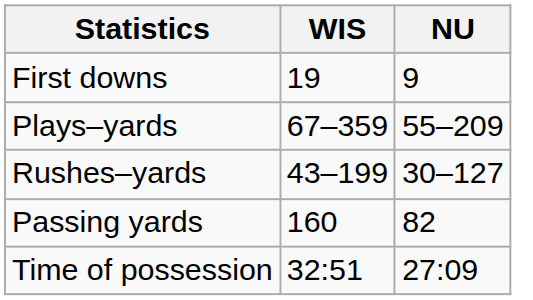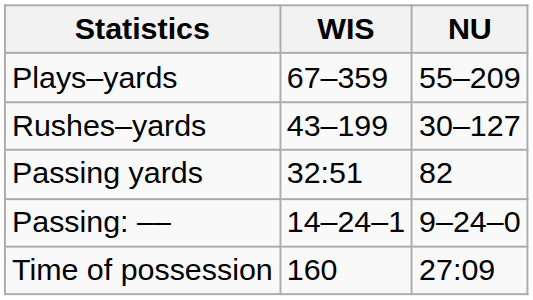 <table class="wikitable" style="float:left">
 <tr>
 <th>Statistics</th>
 <th>WIS</th>
 <th>NU</th>
-</tr>
-<tr>
-<td>First downs</td>
-<td>19</td>
-<td>9</td>
 </tr>
 <tr>
 <td>Plays–yards</td>
 <td>67–359</td>
 <td>55–209</td>
 </tr>
 <tr>
 <td>Rushes–yards</td>
 <td>43–199</td>
 <td>30–127</td>
 </tr>
 <tr>
 <td>Passing yards</td>
-<td>160</td>
+<td>32:51</td>
 <td>82</td>
 </tr>
 <tr>
+<td>Passing: ––</td>
+<td>14–24–1</td>
+<td>9–24–0</td>
+</tr>
+<tr>
 <td>Time of possession</td>
-<td>32:51</td>
+<td>160</td>
 <td>27:09</td>
 </tr>
 </table>
